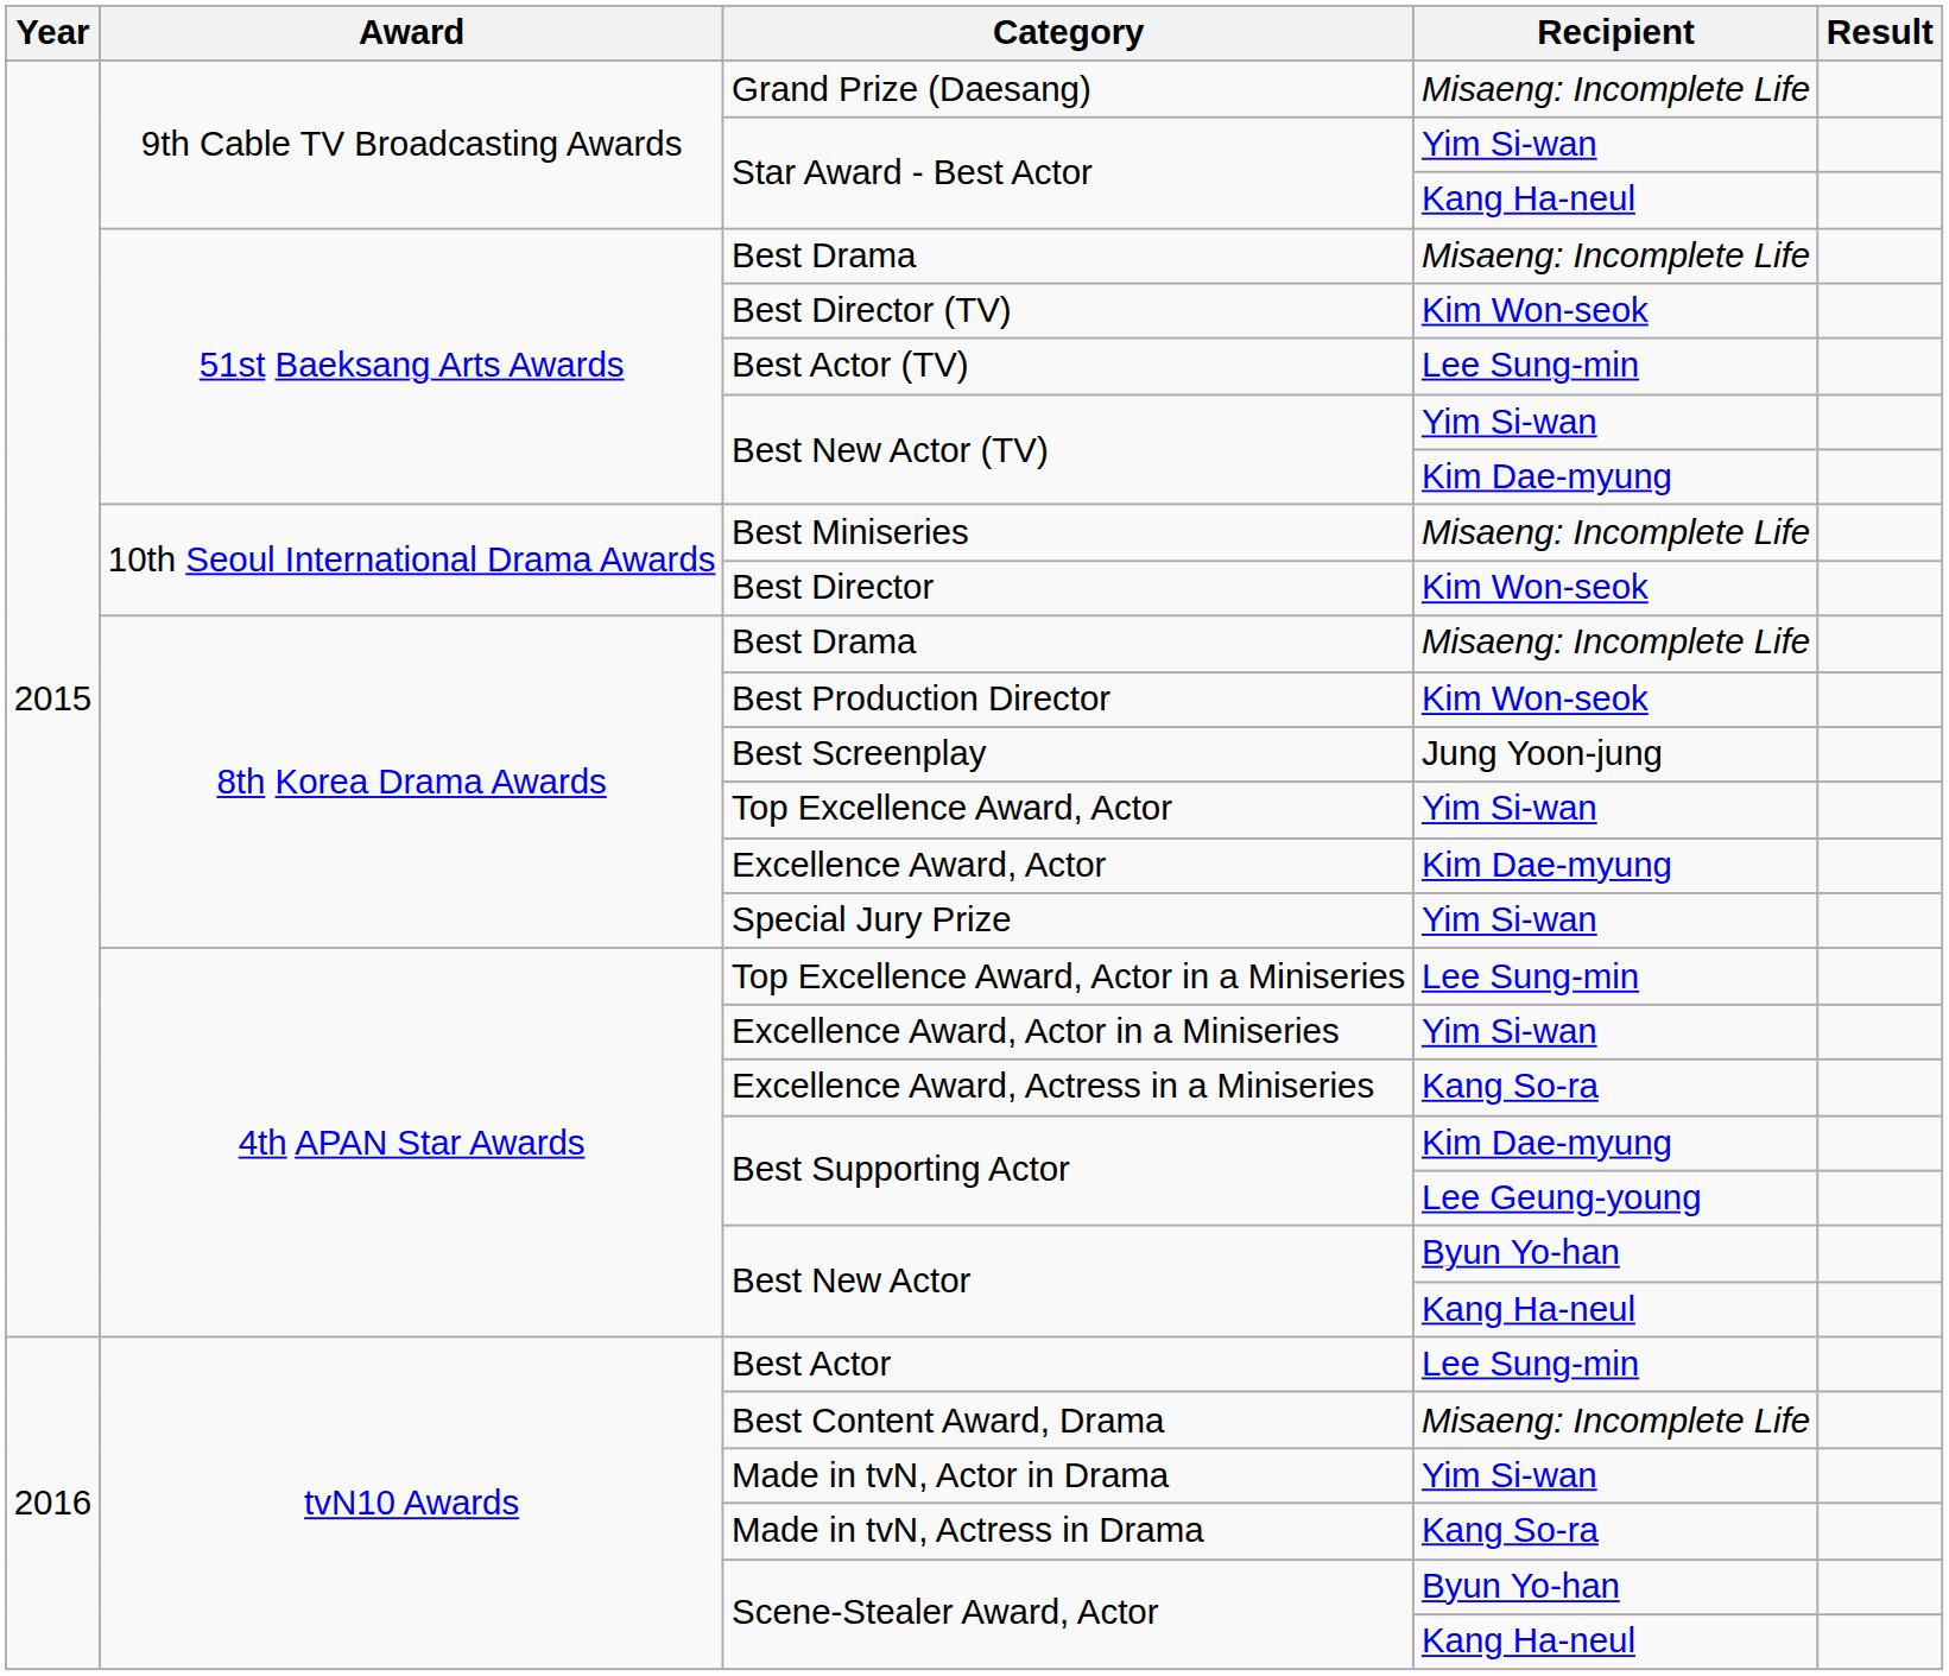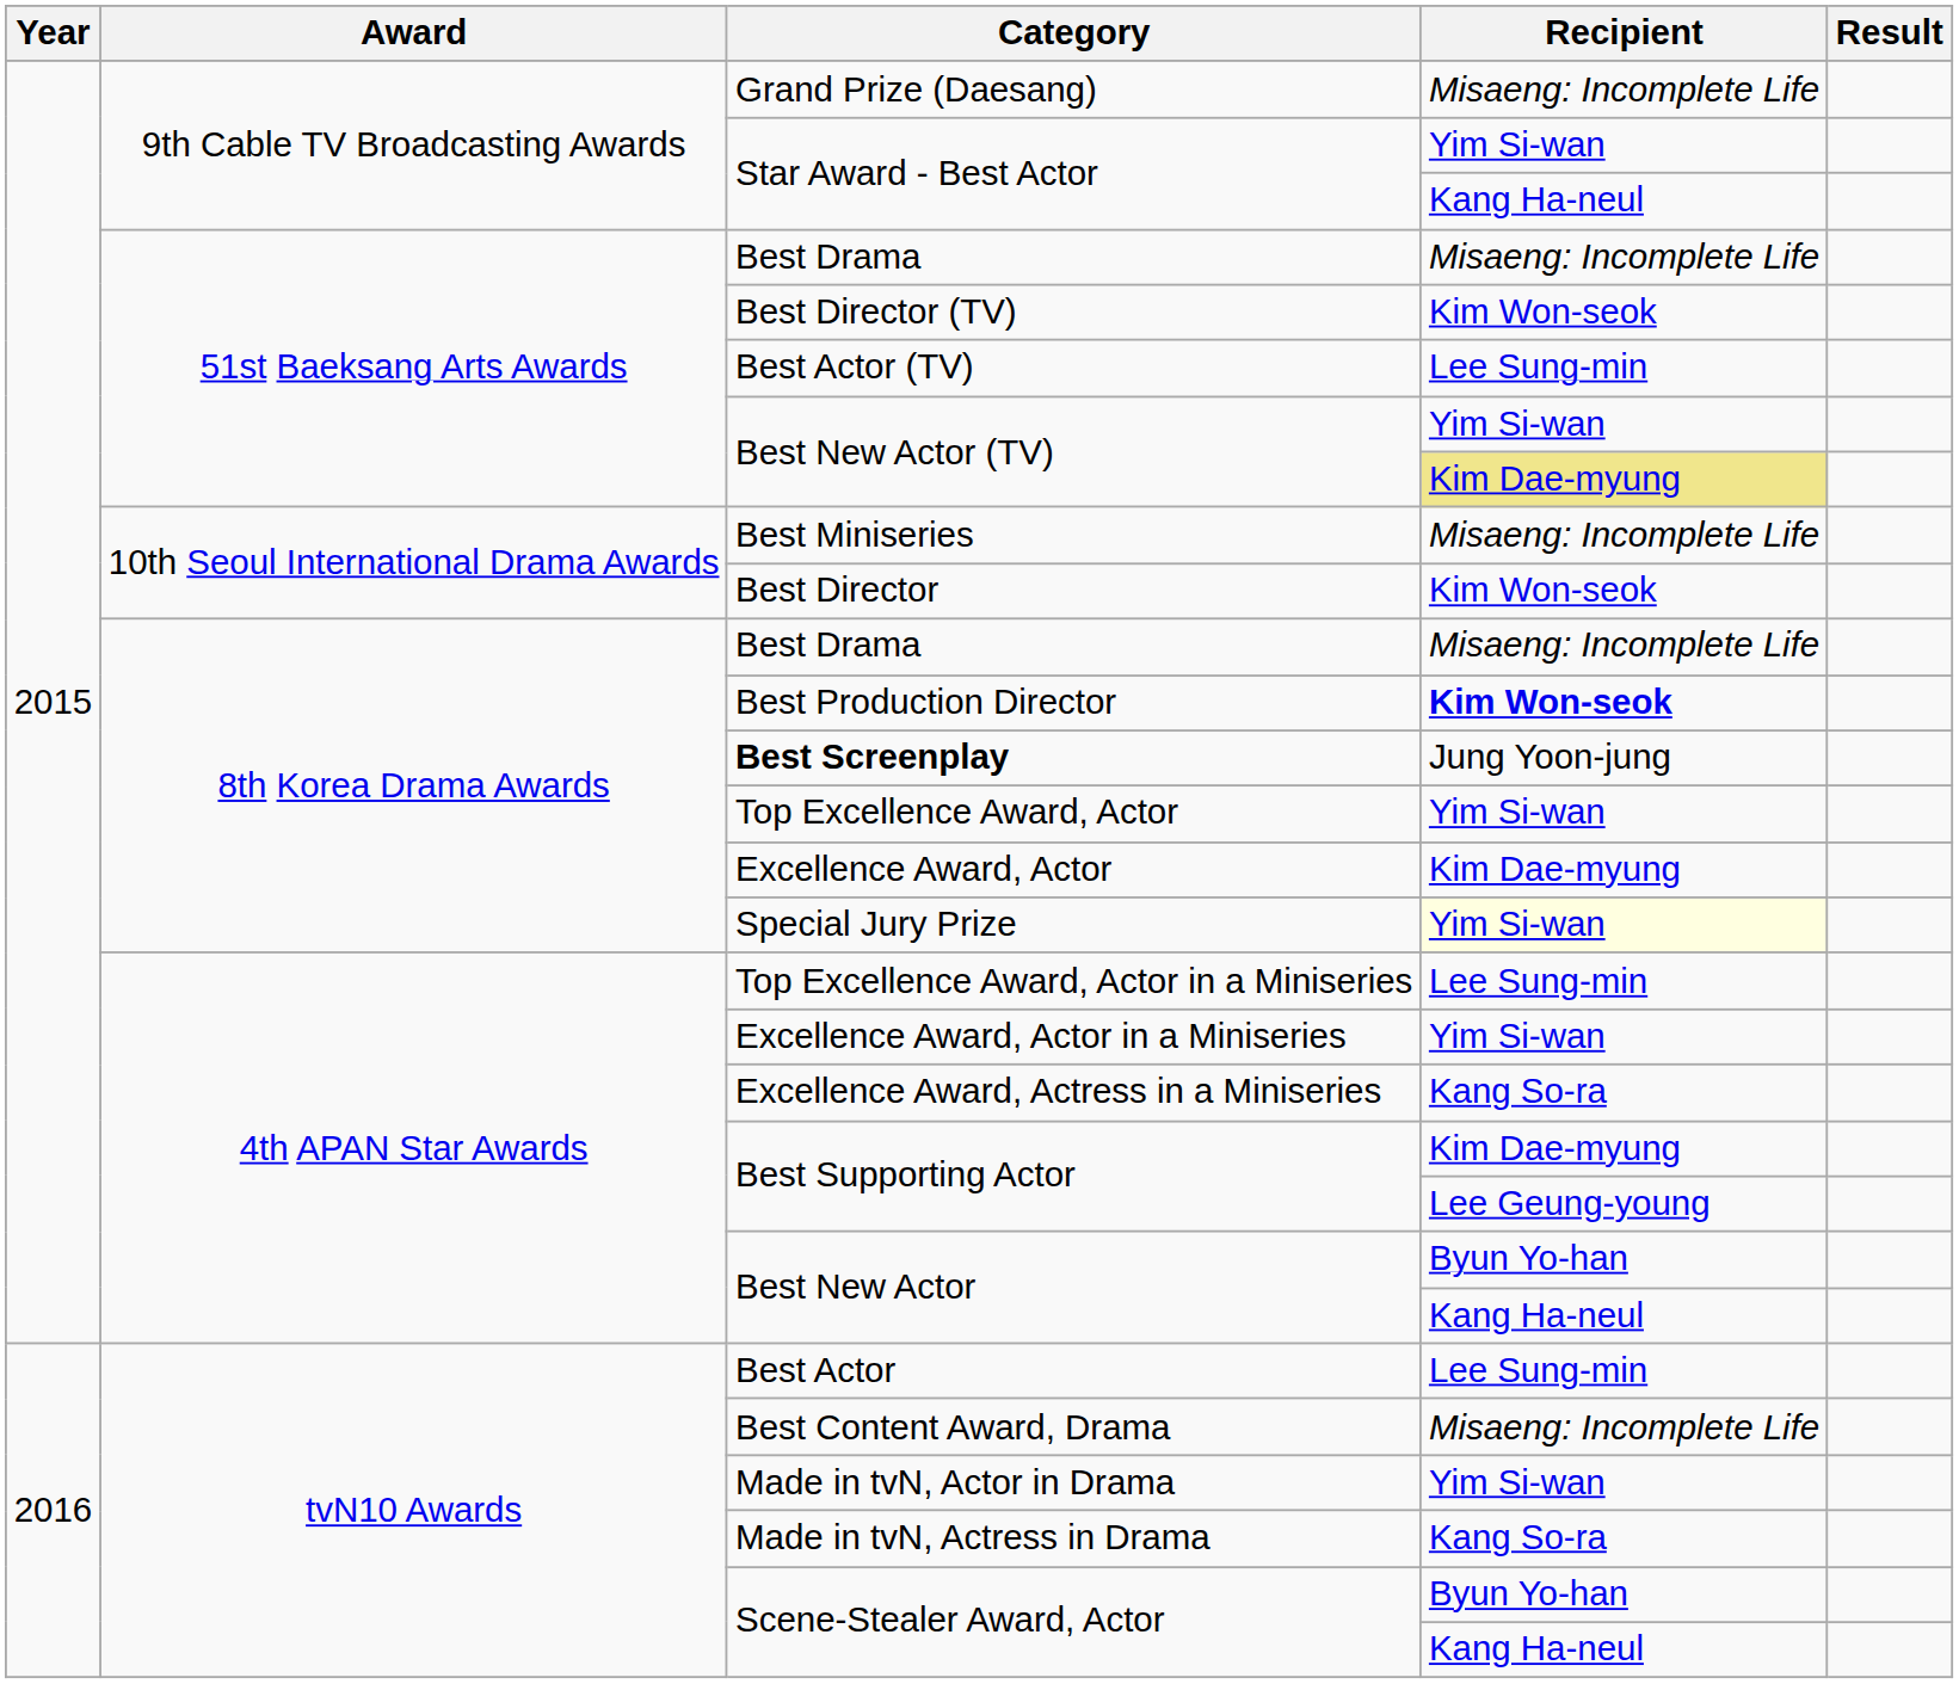 <table class="wikitable sortable">
 <tr>
 <th>Year</th>
 <th>Award</th>
 <th>Category</th>
 <th>Recipient</th>
 <th>Result</th>
 </tr>
 <tr>
 <td rowspan="23">2015</td>
 <td rowspan="3" style="text-align:center;">9th Cable TV Broadcasting Awards</td>
 <td>Grand Prize (Daesang)</td>
 <td><em>Misaeng: Incomplete Life</em></td>
 <td></td>
 </tr>
 <tr>
 <td rowspan="2">Star Award - Best Actor</td>
 <td><a href='#'>Yim Si-wan</a></td>
 <td></td>
 </tr>
 <tr>
 <td><a href='#'>Kang Ha-neul</a></td>
 <td></td>
 </tr>
 <tr>
 <td rowspan="5" style="text-align:center;"><a href='#'>51st</a> <a href='#'>Baeksang Arts Awards</a></td>
 <td>Best Drama</td>
 <td><em>Misaeng: Incomplete Life</em></td>
 <td></td>
 </tr>
 <tr>
 <td>Best Director (TV)</td>
 <td><a href='#'>Kim Won-seok</a></td>
 <td></td>
 </tr>
 <tr>
 <td>Best Actor (TV)</td>
 <td><a href='#'>Lee Sung-min</a></td>
 <td></td>
 </tr>
 <tr>
 <td rowspan="2">Best New Actor (TV)</td>
 <td><a href='#'>Yim Si-wan</a></td>
 <td></td>
 </tr>
 <tr>
-<td><a href='#'>Kim Dae-myung</a></td>
+<td style="background: khaki;"><a href='#'>Kim Dae-myung</a></td>
 <td></td>
 </tr>
 <tr>
 <td rowspan="2" style="text-align:center;">10th <a href='#'>Seoul International Drama Awards</a></td>
 <td>Best Miniseries</td>
 <td><em>Misaeng: Incomplete Life</em></td>
 <td></td>
 </tr>
 <tr>
 <td>Best Director</td>
 <td><a href='#'>Kim Won-seok</a></td>
 <td></td>
 </tr>
 <tr>
 <td rowspan="6" style="text-align:center;"><a href='#'>8th</a> <a href='#'>Korea Drama Awards</a></td>
 <td>Best Drama</td>
 <td><em>Misaeng: Incomplete Life</em></td>
 <td></td>
 </tr>
 <tr>
 <td>Best Production Director</td>
-<td><a href='#'>Kim Won-seok</a></td>
+<td><strong><a href='#'>Kim Won-seok</a></strong></td>
 <td></td>
 </tr>
 <tr>
-<td>Best Screenplay</td>
+<td><strong>Best Screenplay</strong></td>
 <td>Jung Yoon-jung</td>
 <td></td>
 </tr>
 <tr>
 <td>Top Excellence Award, Actor</td>
 <td><a href='#'>Yim Si-wan</a></td>
 <td></td>
 </tr>
 <tr>
 <td>Excellence Award, Actor</td>
 <td><a href='#'>Kim Dae-myung</a></td>
 <td></td>
 </tr>
 <tr>
 <td>Special Jury Prize</td>
-<td><a href='#'>Yim Si-wan</a></td>
+<td style="background: lightyellow;"><a href='#'>Yim Si-wan</a></td>
 <td></td>
 </tr>
 <tr>
 <td rowspan="7" style="text-align:center;"><a href='#'>4th</a> <a href='#'>APAN Star Awards</a></td>
 <td>Top Excellence Award, Actor in a Miniseries</td>
 <td><a href='#'>Lee Sung-min</a></td>
 <td></td>
 </tr>
 <tr>
 <td>Excellence Award, Actor in a Miniseries</td>
 <td><a href='#'>Yim Si-wan</a></td>
 <td></td>
 </tr>
 <tr>
 <td>Excellence Award, Actress in a Miniseries</td>
 <td><a href='#'>Kang So-ra</a></td>
 <td></td>
 </tr>
 <tr>
 <td rowspan="2">Best Supporting Actor</td>
 <td><a href='#'>Kim Dae-myung</a></td>
 <td></td>
 </tr>
 <tr>
 <td><a href='#'>Lee Geung-young</a></td>
 <td></td>
 </tr>
 <tr>
 <td rowspan="2">Best New Actor</td>
 <td><a href='#'>Byun Yo-han</a></td>
 <td></td>
 </tr>
 <tr>
 <td><a href='#'>Kang Ha-neul</a></td>
 <td></td>
 </tr>
 <tr>
 <td rowspan="6">2016</td>
 <td rowspan="6" style="text-align:center;"><a href='#'>tvN10 Awards</a></td>
 <td>Best Actor</td>
 <td><a href='#'>Lee Sung-min</a></td>
 <td></td>
 </tr>
 <tr>
 <td>Best Content Award, Drama</td>
 <td><em>Misaeng: Incomplete Life</em></td>
 <td></td>
 </tr>
 <tr>
 <td>Made in tvN, Actor in Drama</td>
 <td><a href='#'>Yim Si-wan</a></td>
 <td></td>
 </tr>
 <tr>
 <td>Made in tvN, Actress in Drama</td>
 <td><a href='#'>Kang So-ra</a></td>
 <td></td>
 </tr>
 <tr>
 <td rowspan="2">Scene-Stealer Award, Actor</td>
 <td><a href='#'>Byun Yo-han</a></td>
 <td></td>
 </tr>
 <tr>
 <td><a href='#'>Kang Ha-neul</a></td>
 <td></td>
 </tr>
 </table>
